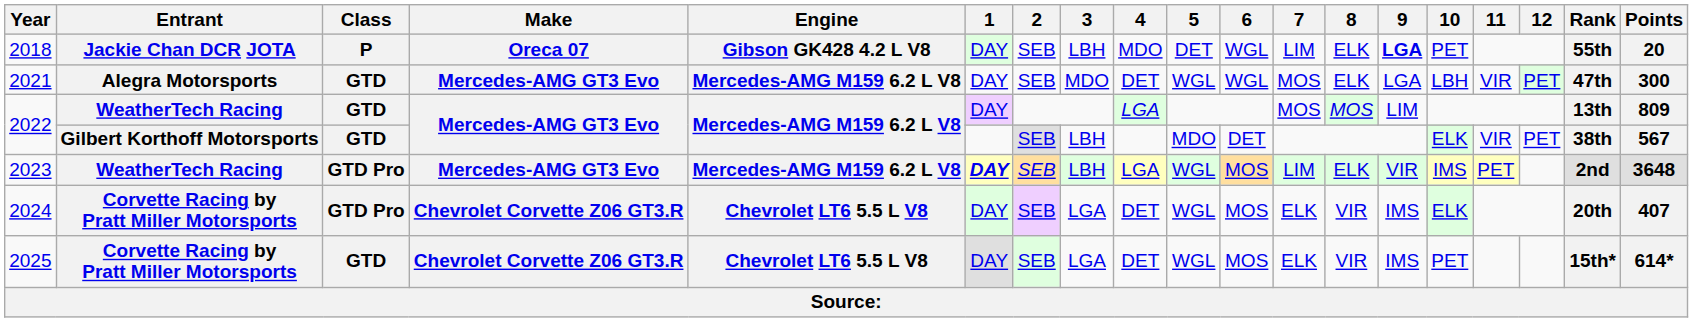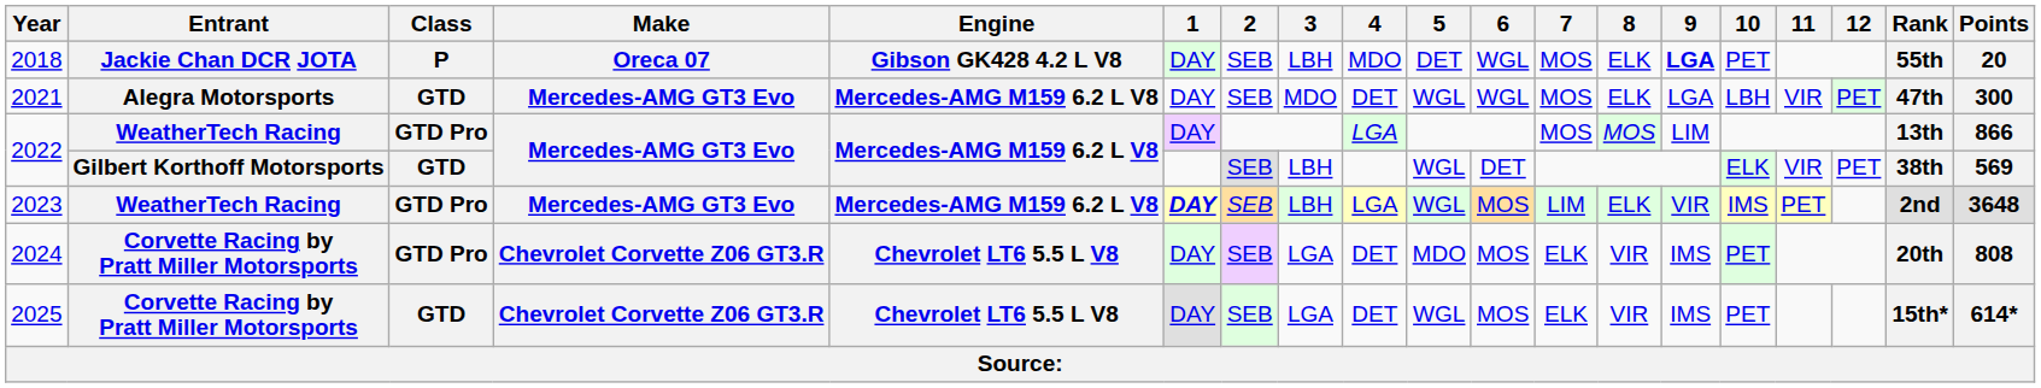 <table class="wikitable" style="text-align:center; font-size:85%">
 <tr>
 <th>Year</th>
 <th>Entrant</th>
 <th>Class</th>
 <th>Make</th>
 <th>Engine</th>
 <th>1</th>
 <th>2</th>
 <th>3</th>
 <th>4</th>
 <th>5</th>
 <th>6</th>
 <th>7</th>
 <th>8</th>
 <th>9</th>
 <th>10</th>
 <th>11</th>
 <th>12</th>
 <th>Rank</th>
 <th>Points</th>
 </tr>
 <tr>
 <td><a href='#'>2018</a></td>
 <th nowrap><a href='#'>Jackie Chan DCR</a> <a href='#'>JOTA</a></th>
 <th>P</th>
 <th nowrap><a href='#'>Oreca 07</a></th>
 <th nowrap><a href='#'>Gibson</a> GK428 4.2 L V8</th>
 <td style="background:#DFFFDF;"><a href='#'>DAY</a><br></td>
 <td><a href='#'>SEB</a></td>
 <td><a href='#'>LBH</a></td>
 <td><a href='#'>MDO</a></td>
 <td><a href='#'>DET</a></td>
 <td><a href='#'>WGL</a></td>
-<td><a href='#'>LIM</a><br></td>
+<td><a href='#'>MOS</a></td>
 <td><a href='#'>ELK</a></td>
 <td><strong><a href='#'>LGA</a></strong></td>
 <td><a href='#'>PET</a></td>
 <td colspan=2></td>
 <th>55th</th>
 <th>20</th>
 </tr>
 <tr>
 <td><a href='#'>2021</a></td>
 <th nowrap>Alegra Motorsports</th>
 <th>GTD</th>
 <th nowrap><a href='#'>Mercedes-AMG GT3 Evo</a></th>
 <th nowrap><a href='#'>Mercedes-AMG M159</a> 6.2 L V8</th>
 <td><a href='#'>DAY</a></td>
 <td><a href='#'>SEB</a></td>
 <td><a href='#'>MDO</a></td>
 <td><a href='#'>DET</a></td>
 <td><a href='#'>WGL</a></td>
 <td><a href='#'>WGL</a></td>
 <td><a href='#'>MOS</a></td>
 <td><a href='#'>ELK</a></td>
 <td><a href='#'>LGA</a></td>
 <td><a href='#'>LBH</a></td>
 <td><a href='#'>VIR</a></td>
 <td style="background:#DFFFDF;"><a href='#'>PET</a><br></td>
 <th>47th</th>
 <th>300</th>
 </tr>
 <tr>
 <td rowspan=2><a href='#'>2022</a></td>
 <th nowrap><a href='#'>WeatherTech Racing</a></th>
-<th>GTD</th>
+<th nowrap>GTD Pro</th>
 <th rowspan=2 nowrap><a href='#'>Mercedes-AMG GT3 Evo</a></th>
 <th rowspan=2 nowrap><a href='#'>Mercedes-AMG M159</a> 6.2 L <a href='#'>V8</a></th>
 <td style="background:#EFCFFF;"><a href='#'>DAY</a><br></td>
 <td colspan=2></td>
 <td style="background:#DFFFDF;"><em><a href='#'>LGA</a></em><br></td>
 <td colspan=2></td>
 <td><a href='#'>MOS</a></td>
 <td style="background:#DFFFDF;"><em><a href='#'>MOS</a></em><br></td>
 <td><a href='#'>LIM</a></td>
 <td colspan=3></td>
 <th>13th</th>
-<th>809</th>
+<th>866</th>
 </tr>
 <tr>
 <th nowrap>Gilbert Korthoff Motorsports</th>
 <th>GTD</th>
 <td></td>
 <td style="background:#DFDFDF;"><a href='#'>SEB</a><br></td>
 <td><a href='#'>LBH</a></td>
 <td></td>
-<td><a href='#'>MDO</a></td>
+<td><a href='#'>WGL</a></td>
 <td><a href='#'>DET</a></td>
 <td colspan=3></td>
 <td style="background:#DFFFDF;"><a href='#'>ELK</a><br></td>
 <td><a href='#'>VIR</a></td>
 <td><a href='#'>PET</a></td>
 <th>38th</th>
-<th>567</th>
+<th>569</th>
 </tr>
 <tr>
 <td><a href='#'>2023</a></td>
 <th nowrap><a href='#'>WeatherTech Racing</a></th>
 <th nowrap>GTD Pro</th>
 <th nowrap><a href='#'>Mercedes-AMG GT3 Evo</a></th>
 <th nowrap><a href='#'>Mercedes-AMG M159</a> 6.2 L <a href='#'>V8</a></th>
 <td style="background:#FFFFBF;"><strong><em><a href='#'>DAY</a></em></strong><br></td>
 <td style="background:#FFDF9F;"><em><a href='#'>SEB</a></em><br></td>
 <td style="background:#DFFFDF;"><a href='#'>LBH</a><br></td>
 <td style="background:#FFFFBF;"><a href='#'>LGA</a><br></td>
 <td style="background:#DFFFDF;"><a href='#'>WGL</a><br></td>
 <td style="background:#FFDF9F;"><a href='#'>MOS</a><br></td>
 <td style="background:#DFFFDF;"><a href='#'>LIM</a><br></td>
 <td style="background:#DFFFDF;"><a href='#'>ELK</a><br></td>
 <td style="background:#DFFFDF;"><a href='#'>VIR</a><br></td>
 <td style="background:#FFFFBF;"><a href='#'>IMS</a><br></td>
 <td style="background:#FFFFBF;"><a href='#'>PET</a><br></td>
 <td></td>
 <th style="background:#DFDFDF;">2nd</th>
 <th style="background:#DFDFDF;">3648</th>
 </tr>
 <tr>
 <td><a href='#'>2024</a></td>
 <th nowrap><a href='#'>Corvette Racing</a> by<br><a href='#'>Pratt Miller Motorsports</a></th>
 <th nowrap>GTD Pro</th>
 <th nowrap><a href='#'>Chevrolet Corvette Z06 GT3.R</a></th>
 <th nowrap><a href='#'>Chevrolet</a> <a href='#'>LT6</a> 5.5 L <a href='#'>V8</a></th>
 <td style="background:#DFFFDF;"><a href='#'>DAY</a><br></td>
 <td style="background:#EFCFFF;"><a href='#'>SEB</a><br></td>
 <td><a href='#'>LGA</a></td>
 <td><a href='#'>DET</a></td>
-<td><a href='#'>WGL</a></td>
+<td><a href='#'>MDO</a></td>
 <td><a href='#'>MOS</a></td>
 <td><a href='#'>ELK</a></td>
 <td><a href='#'>VIR</a></td>
 <td><a href='#'>IMS</a></td>
-<td style="background:#DFFFDF;"><a href='#'>ELK</a><br></td>
+<td style="background:#DFFFDF;"><a href='#'>PET</a><br></td>
 <td colspan=2></td>
 <th>20th</th>
-<th>407</th>
+<th>808</th>
 </tr>
 <tr>
 <td><a href='#'>2025</a></td>
 <th><a href='#'>Corvette Racing</a> by<br><a href='#'>Pratt Miller Motorsports</a></th>
 <th>GTD</th>
 <th><a href='#'>Chevrolet Corvette Z06 GT3.R</a></th>
 <th><a href='#'>Chevrolet</a> <a href='#'>LT6</a> 5.5 L V8</th>
 <td style="background:#DFDFDF;"><a href='#'>DAY</a><br></td>
 <td style="background:#DFFFDF;"><a href='#'>SEB</a><br></td>
 <td><a href='#'>LGA</a></td>
 <td style="background:#;"><a href='#'>DET</a><br></td>
 <td style="background:#;"><a href='#'>WGL</a><br></td>
 <td style="background:#;"><a href='#'>MOS</a><br></td>
 <td style="background:#;"><a href='#'>ELK</a><br></td>
 <td style="background:#;"><a href='#'>VIR</a><br></td>
 <td style="background:#;"><a href='#'>IMS</a><br></td>
 <td style="background:#;"><a href='#'>PET</a><br></td>
 <td></td>
 <td></td>
 <th>15th*</th>
 <th>614*</th>
 </tr>
 <tr>
 <th colspan="19">Source:</th>
 </tr>
 </table>
